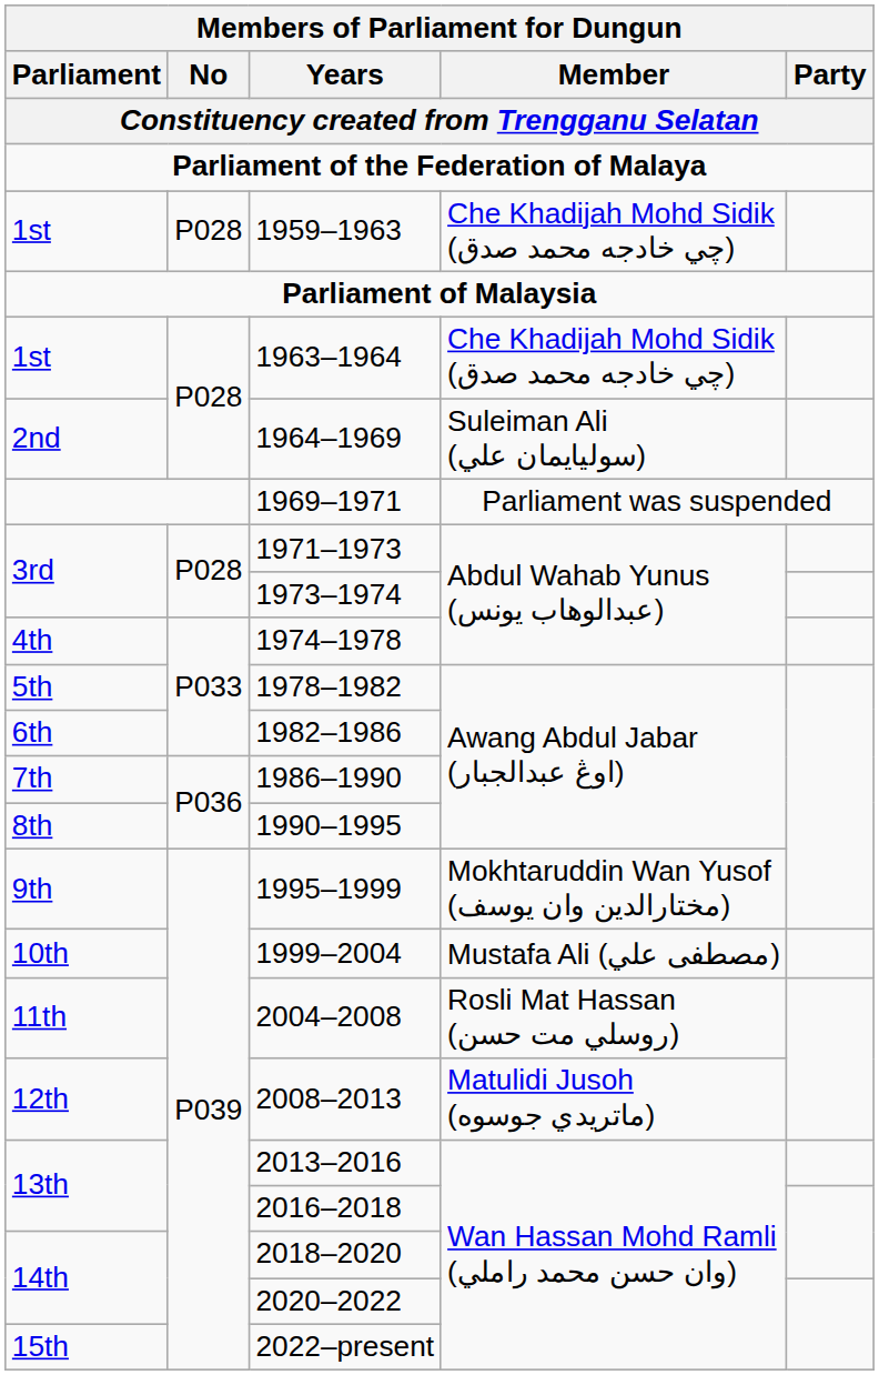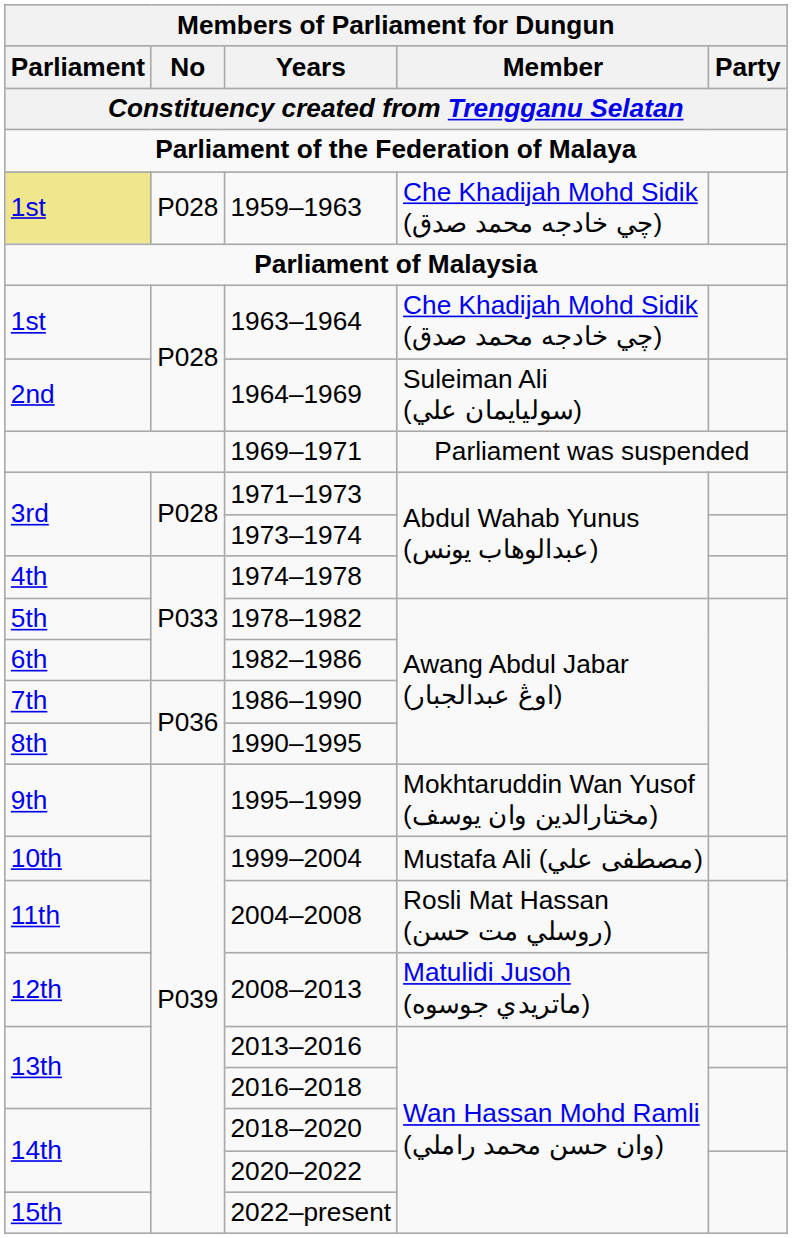 <table class=wikitable>
 <tr>
 <th colspan="5">Members of Parliament for Dungun</th>
 </tr>
 <tr>
 <th>Parliament</th>
 <th>No</th>
 <th>Years</th>
 <th>Member</th>
 <th>Party</th>
 </tr>
 <tr>
 <th colspan="5" align="center"><em>Constituency created from <a href='#'>Trengganu Selatan</a></em></th>
 </tr>
 <tr>
 <td colspan="5" align="center"><strong>Parliament of the Federation of Malaya</strong></td>
 </tr>
 <tr>
-<td><a href='#'>1st</a></td>
+<td style="background: khaki;"><a href='#'>1st</a></td>
 <td>P028</td>
 <td>1959–1963</td>
 <td><a href='#'>Che Khadijah Mohd Sidik</a><br>  (چي خادجه محمد صدق)</td>
 <td></td>
 </tr>
 <tr>
 <td colspan="5" align="center"><strong>Parliament of Malaysia</strong></td>
 </tr>
 <tr>
 <td><a href='#'>1st</a></td>
 <td rowspan="2">P028</td>
 <td>1963–1964</td>
 <td><a href='#'>Che Khadijah Mohd Sidik</a> <br> (چي خادجه محمد صدق)</td>
 <td></td>
 </tr>
 <tr>
 <td><a href='#'>2nd</a></td>
 <td>1964–1969</td>
 <td>Suleiman Ali <br> (سوليايمان علي)</td>
 <td></td>
 </tr>
 <tr>
 <td colspan="2"></td>
 <td>1969–1971</td>
 <td colspan=2 align=center>Parliament was suspended</td>
 </tr>
 <tr>
 <td rowspan=2><a href='#'>3rd</a></td>
 <td rowspan="2">P028</td>
 <td>1971–1973</td>
 <td rowspan=3>Abdul Wahab Yunus<br>  (عبدالوهاب يونس)</td>
 <td></td>
 </tr>
 <tr>
 <td>1973–1974</td>
 <td></td>
 </tr>
 <tr>
 <td><a href='#'>4th</a></td>
 <td rowspan="3">P033</td>
 <td>1974–1978</td>
 <td></td>
 </tr>
 <tr>
 <td><a href='#'>5th</a></td>
 <td>1978–1982</td>
 <td rowspan=4>Awang Abdul Jabar<br>  (اوڠ عبدالجبار)</td>
 <td rowspan="5"></td>
 </tr>
 <tr>
 <td><a href='#'>6th</a></td>
 <td>1982–1986</td>
 </tr>
 <tr>
 <td><a href='#'>7th</a></td>
 <td rowspan="2">P036</td>
 <td>1986–1990</td>
 </tr>
 <tr>
 <td><a href='#'>8th</a></td>
 <td>1990–1995</td>
 </tr>
 <tr>
 <td><a href='#'>9th</a></td>
 <td rowspan=9>P039</td>
 <td>1995–1999</td>
 <td>Mokhtaruddin Wan Yusof<br>  (مختارالدين وان يوسف)</td>
 </tr>
 <tr>
 <td><a href='#'>10th</a></td>
 <td>1999–2004</td>
 <td>Mustafa Ali (مصطفى علي)</td>
 <td></td>
 </tr>
 <tr>
 <td><a href='#'>11th</a></td>
 <td>2004–2008</td>
 <td>Rosli Mat Hassan <br> (روسلي مت حسن)</td>
 <td rowspan="2"></td>
 </tr>
 <tr>
 <td><a href='#'>12th</a></td>
 <td>2008–2013</td>
 <td><a href='#'>Matulidi Jusoh</a><br>  (ماتريدي جوسوه)</td>
 </tr>
 <tr>
 <td rowspan=2><a href='#'>13th</a></td>
 <td>2013–2016</td>
 <td rowspan=5><a href='#'>Wan Hassan Mohd Ramli</a> <br> (وان حسن محمد راملي)</td>
 <td></td>
 </tr>
 <tr>
 <td>2016–2018</td>
 <td rowspan=2></td>
 </tr>
 <tr>
 <td rowspan="2"><a href='#'>14th</a></td>
 <td>2018–2020</td>
 </tr>
 <tr>
 <td>2020–2022</td>
 <td rowspan=2></td>
 </tr>
 <tr>
 <td><a href='#'>15th</a></td>
 <td>2022–present</td>
 </tr>
 </table>
